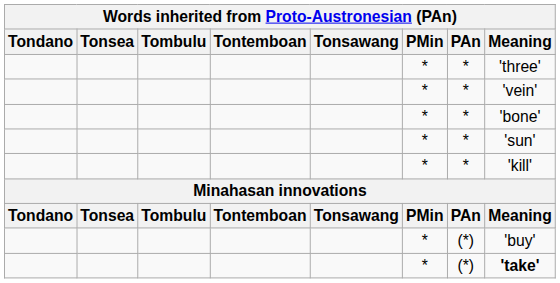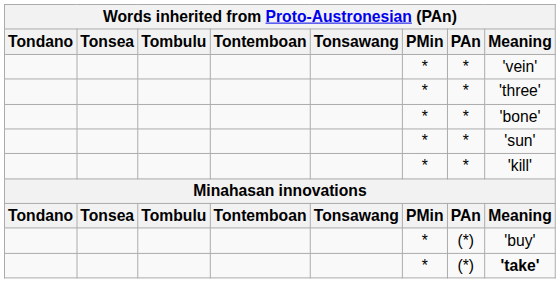 <table class="wikitable" title="Comparison table" style="text-align: center;">
 <tr>
 <th colspan=8>Words inherited from <a href='#'>Proto-Austronesian</a> (PAn)</th>
 </tr>
 <tr>
 <th>Tondano</th>
 <th>Tonsea</th>
 <th>Tombulu</th>
 <th>Tontemboan</th>
 <th>Tonsawang</th>
 <th>PMin</th>
 <th>PAn</th>
 <th>Meaning</th>
 </tr>
 <tr>
 <td></td>
 <td></td>
 <td></td>
 <td></td>
 <td></td>
 <td>*</td>
 <td>*</td>
-<td>'three'</td>
+<td>'vein'</td>
 </tr>
 <tr>
 <td></td>
 <td></td>
 <td></td>
 <td></td>
 <td></td>
 <td>*</td>
 <td>*</td>
-<td>'vein'</td>
+<td>'three'</td>
 </tr>
 <tr>
 <td></td>
 <td></td>
 <td></td>
 <td></td>
 <td></td>
 <td>*</td>
 <td>*</td>
 <td>'bone'</td>
 </tr>
 <tr>
 <td></td>
 <td></td>
 <td></td>
 <td></td>
 <td></td>
 <td>*</td>
 <td>*</td>
 <td>'sun'</td>
 </tr>
 <tr>
 <td></td>
 <td></td>
 <td></td>
 <td></td>
 <td></td>
 <td>*</td>
 <td>*</td>
 <td>'kill'</td>
 </tr>
 <tr>
 <th colspan=8>Minahasan innovations</th>
 </tr>
 <tr>
 <th>Tondano</th>
 <th>Tonsea</th>
 <th>Tombulu</th>
 <th>Tontemboan</th>
 <th>Tonsawang</th>
 <th>PMin</th>
 <th>PAn</th>
 <th>Meaning</th>
 </tr>
 <tr>
 <td></td>
 <td></td>
 <td></td>
 <td></td>
 <td></td>
 <td>*</td>
 <td>(*)</td>
 <td>'buy'</td>
 </tr>
 <tr>
 <td></td>
 <td></td>
 <td></td>
 <td></td>
 <td></td>
 <td>*</td>
 <td>(*)</td>
 <td><strong>'take'</strong></td>
 </tr>
 </table>
